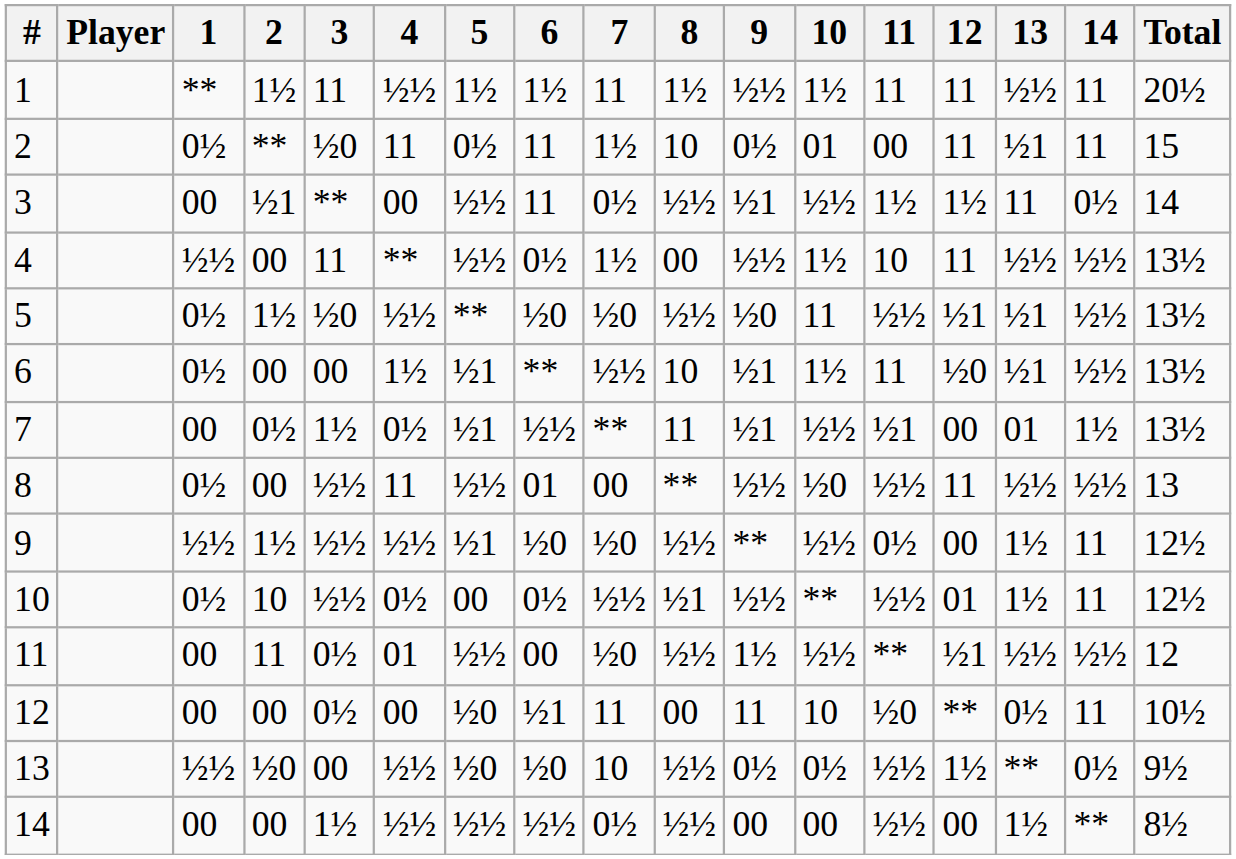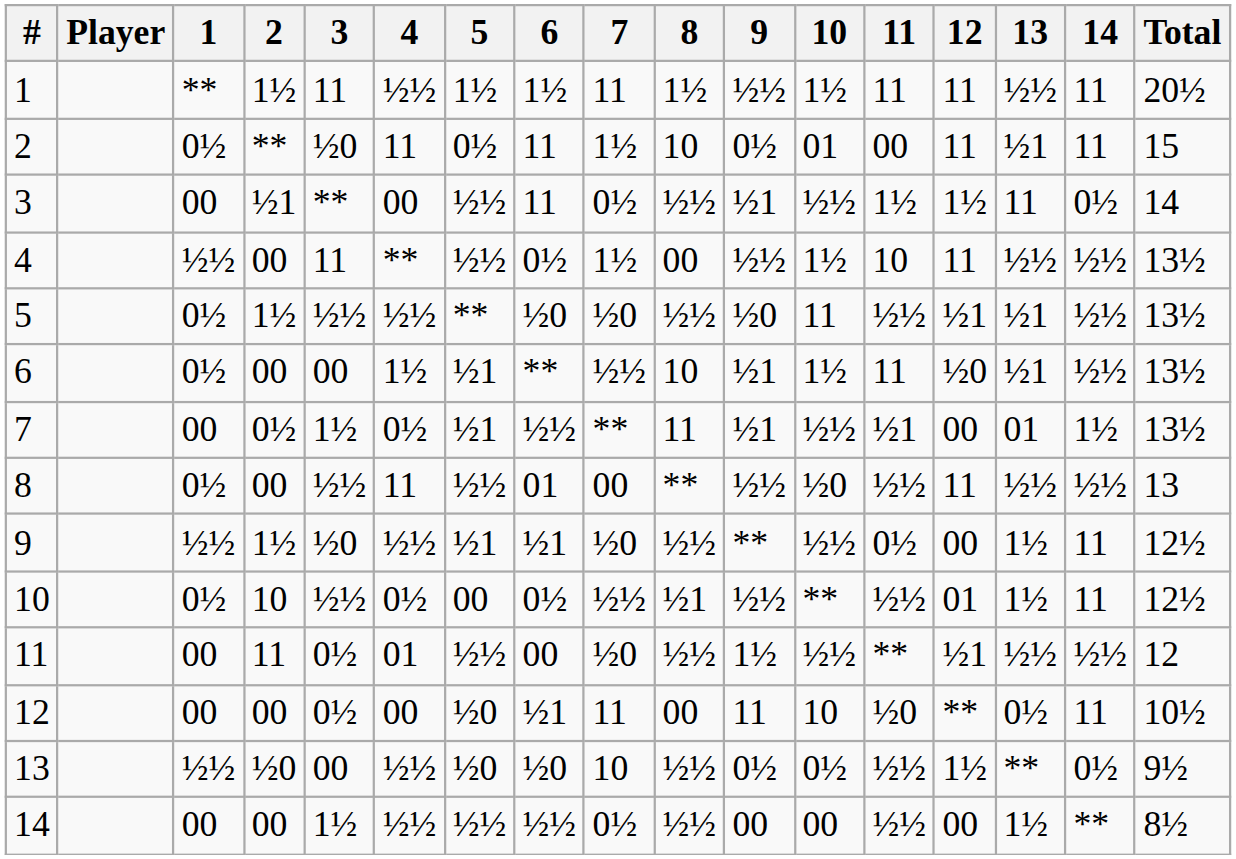 <table class="wikitable" style="margin: auto 4em;">
 <tr>
 <th>#</th>
 <th>Player</th>
 <th>1</th>
 <th>2</th>
 <th>3</th>
 <th>4</th>
 <th>5</th>
 <th>6</th>
 <th>7</th>
 <th>8</th>
 <th>9</th>
 <th>10</th>
 <th>11</th>
 <th>12</th>
 <th>13</th>
 <th>14</th>
 <th>Total</th>
 </tr>
 <tr>
 <td>1</td>
 <td></td>
 <td>**</td>
 <td>1½</td>
 <td>11</td>
 <td>½½</td>
 <td>1½</td>
 <td>1½</td>
 <td>11</td>
 <td>1½</td>
 <td>½½</td>
 <td>1½</td>
 <td>11</td>
 <td>11</td>
 <td>½½</td>
 <td>11</td>
 <td>20½</td>
 </tr>
 <tr>
 <td>2</td>
 <td></td>
 <td>0½</td>
 <td>**</td>
 <td>½0</td>
 <td>11</td>
 <td>0½</td>
 <td>11</td>
 <td>1½</td>
 <td>10</td>
 <td>0½</td>
 <td>01</td>
 <td>00</td>
 <td>11</td>
 <td>½1</td>
 <td>11</td>
 <td>15</td>
 </tr>
 <tr>
 <td>3</td>
 <td></td>
 <td>00</td>
 <td>½1</td>
 <td>**</td>
 <td>00</td>
 <td>½½</td>
 <td>11</td>
 <td>0½</td>
 <td>½½</td>
 <td>½1</td>
 <td>½½</td>
 <td>1½</td>
 <td>1½</td>
 <td>11</td>
 <td>0½</td>
 <td>14</td>
 </tr>
 <tr>
 <td>4</td>
 <td></td>
 <td>½½</td>
 <td>00</td>
 <td>11</td>
 <td>**</td>
 <td>½½</td>
 <td>0½</td>
 <td>1½</td>
 <td>00</td>
 <td>½½</td>
 <td>1½</td>
 <td>10</td>
 <td>11</td>
 <td>½½</td>
 <td>½½</td>
 <td>13½</td>
 </tr>
 <tr>
 <td>5</td>
 <td></td>
 <td>0½</td>
 <td>1½</td>
-<td>½0</td>
+<td>½½</td>
 <td>½½</td>
 <td>**</td>
 <td>½0</td>
 <td>½0</td>
 <td>½½</td>
 <td>½0</td>
 <td>11</td>
 <td>½½</td>
 <td>½1</td>
 <td>½1</td>
 <td>½½</td>
 <td>13½</td>
 </tr>
 <tr>
 <td>6</td>
 <td></td>
 <td>0½</td>
 <td>00</td>
 <td>00</td>
 <td>1½</td>
 <td>½1</td>
 <td>**</td>
 <td>½½</td>
 <td>10</td>
 <td>½1</td>
 <td>1½</td>
 <td>11</td>
 <td>½0</td>
 <td>½1</td>
 <td>½½</td>
 <td>13½</td>
 </tr>
 <tr>
 <td>7</td>
 <td></td>
 <td>00</td>
 <td>0½</td>
 <td>1½</td>
 <td>0½</td>
 <td>½1</td>
 <td>½½</td>
 <td>**</td>
 <td>11</td>
 <td>½1</td>
 <td>½½</td>
 <td>½1</td>
 <td>00</td>
 <td>01</td>
 <td>1½</td>
 <td>13½</td>
 </tr>
 <tr>
 <td>8</td>
 <td></td>
 <td>0½</td>
 <td>00</td>
 <td>½½</td>
 <td>11</td>
 <td>½½</td>
 <td>01</td>
 <td>00</td>
 <td>**</td>
 <td>½½</td>
 <td>½0</td>
 <td>½½</td>
 <td>11</td>
 <td>½½</td>
 <td>½½</td>
 <td>13</td>
 </tr>
 <tr>
 <td>9</td>
 <td></td>
 <td>½½</td>
 <td>1½</td>
-<td>½½</td>
+<td>½0</td>
 <td>½½</td>
 <td>½1</td>
-<td>½0</td>
+<td>½1</td>
 <td>½0</td>
 <td>½½</td>
 <td>**</td>
 <td>½½</td>
 <td>0½</td>
 <td>00</td>
 <td>1½</td>
 <td>11</td>
 <td>12½</td>
 </tr>
 <tr>
 <td>10</td>
 <td></td>
 <td>0½</td>
 <td>10</td>
 <td>½½</td>
 <td>0½</td>
 <td>00</td>
 <td>0½</td>
 <td>½½</td>
 <td>½1</td>
 <td>½½</td>
 <td>**</td>
 <td>½½</td>
 <td>01</td>
 <td>1½</td>
 <td>11</td>
 <td>12½</td>
 </tr>
 <tr>
 <td>11</td>
 <td></td>
 <td>00</td>
 <td>11</td>
 <td>0½</td>
 <td>01</td>
 <td>½½</td>
 <td>00</td>
 <td>½0</td>
 <td>½½</td>
 <td>1½</td>
 <td>½½</td>
 <td>**</td>
 <td>½1</td>
 <td>½½</td>
 <td>½½</td>
 <td>12</td>
 </tr>
 <tr>
 <td>12</td>
 <td></td>
 <td>00</td>
 <td>00</td>
 <td>0½</td>
 <td>00</td>
 <td>½0</td>
 <td>½1</td>
 <td>11</td>
 <td>00</td>
 <td>11</td>
 <td>10</td>
 <td>½0</td>
 <td>**</td>
 <td>0½</td>
 <td>11</td>
 <td>10½</td>
 </tr>
 <tr>
 <td>13</td>
 <td></td>
 <td>½½</td>
 <td>½0</td>
 <td>00</td>
 <td>½½</td>
 <td>½0</td>
 <td>½0</td>
 <td>10</td>
 <td>½½</td>
 <td>0½</td>
 <td>0½</td>
 <td>½½</td>
 <td>1½</td>
 <td>**</td>
 <td>0½</td>
 <td>9½</td>
 </tr>
 <tr>
 <td>14</td>
 <td></td>
 <td>00</td>
 <td>00</td>
 <td>1½</td>
 <td>½½</td>
 <td>½½</td>
 <td>½½</td>
 <td>0½</td>
 <td>½½</td>
 <td>00</td>
 <td>00</td>
 <td>½½</td>
 <td>00</td>
 <td>1½</td>
 <td>**</td>
 <td>8½</td>
 </tr>
 </table>
